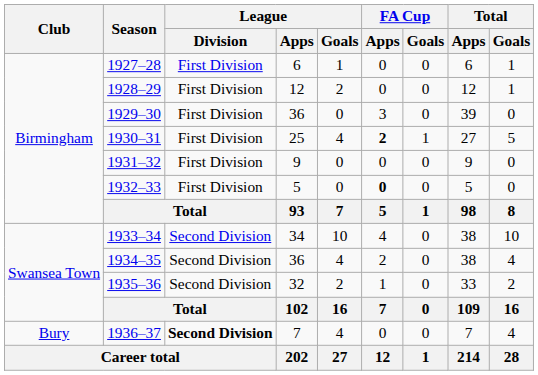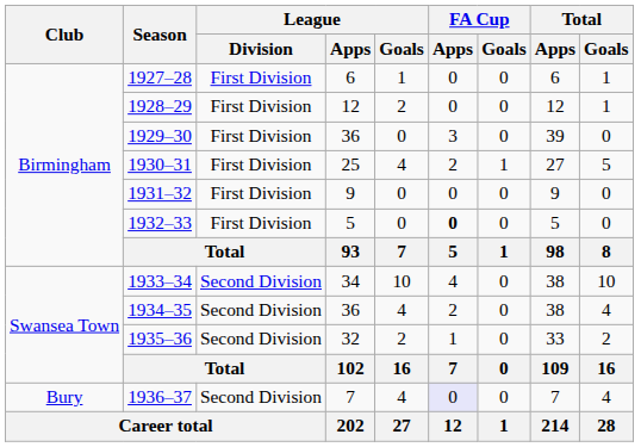 <table class=wikitable style="text-align:center">
 <tr>
 <th rowspan=2>Club</th>
 <th rowspan=2>Season</th>
 <th colspan=3>League</th>
 <th colspan=2><a href='#'>FA Cup</a></th>
 <th colspan=2>Total</th>
 </tr>
 <tr>
 <th>Division</th>
 <th>Apps</th>
 <th>Goals</th>
 <th>Apps</th>
 <th>Goals</th>
 <th>Apps</th>
 <th>Goals</th>
 </tr>
 <tr>
 <td rowspan=7><a href='#'>Birmingham</a></td>
 <td><a href='#'>1927–28</a></td>
 <td><a href='#'>First Division</a></td>
 <td>6</td>
 <td>1</td>
 <td>0</td>
 <td>0</td>
 <td>6</td>
 <td>1</td>
 </tr>
 <tr>
 <td><a href='#'>1928–29</a></td>
 <td>First Division</td>
 <td>12</td>
 <td>2</td>
 <td>0</td>
 <td>0</td>
 <td>12</td>
 <td>1</td>
 </tr>
 <tr>
 <td><a href='#'>1929–30</a></td>
 <td>First Division</td>
 <td>36</td>
 <td>0</td>
 <td>3</td>
 <td>0</td>
 <td>39</td>
 <td>0</td>
 </tr>
 <tr>
 <td><a href='#'>1930–31</a></td>
 <td>First Division</td>
 <td>25</td>
 <td>4</td>
-<td><strong>2</strong></td>
+<td>2</td>
 <td>1</td>
 <td>27</td>
 <td>5</td>
 </tr>
 <tr>
 <td><a href='#'>1931–32</a></td>
 <td>First Division</td>
 <td>9</td>
 <td>0</td>
 <td>0</td>
 <td>0</td>
 <td>9</td>
 <td>0</td>
 </tr>
 <tr>
 <td><a href='#'>1932–33</a></td>
 <td>First Division</td>
 <td>5</td>
 <td>0</td>
 <td><strong>0</strong></td>
 <td>0</td>
 <td>5</td>
 <td>0</td>
 </tr>
 <tr>
 <th colspan=2>Total</th>
 <th>93</th>
 <th>7</th>
 <th>5</th>
 <th>1</th>
 <th>98</th>
 <th>8</th>
 </tr>
 <tr>
 <td rowspan=4><a href='#'>Swansea Town</a></td>
 <td><a href='#'>1933–34</a></td>
 <td><a href='#'>Second Division</a></td>
 <td>34</td>
 <td>10</td>
 <td>4</td>
 <td>0</td>
 <td>38</td>
 <td>10</td>
 </tr>
 <tr>
 <td><a href='#'>1934–35</a></td>
 <td>Second Division</td>
 <td>36</td>
 <td>4</td>
 <td>2</td>
 <td>0</td>
 <td>38</td>
 <td>4</td>
 </tr>
 <tr>
 <td><a href='#'>1935–36</a></td>
 <td>Second Division</td>
 <td>32</td>
 <td>2</td>
 <td>1</td>
 <td>0</td>
 <td>33</td>
 <td>2</td>
 </tr>
 <tr>
 <th colspan=2>Total</th>
 <th>102</th>
 <th>16</th>
 <th>7</th>
 <th>0</th>
 <th>109</th>
 <th>16</th>
 </tr>
 <tr>
 <td><a href='#'>Bury</a></td>
 <td><a href='#'>1936–37</a></td>
-<td><strong>Second Division</strong></td>
+<td>Second Division</td>
 <td>7</td>
 <td>4</td>
-<td>0</td>
+<td style="background: lavender;">0</td>
 <td>0</td>
 <td>7</td>
 <td>4</td>
 </tr>
 <tr>
 <th colspan=3>Career total</th>
 <th>202</th>
 <th>27</th>
 <th>12</th>
 <th>1</th>
 <th>214</th>
 <th>28</th>
 </tr>
 </table>
